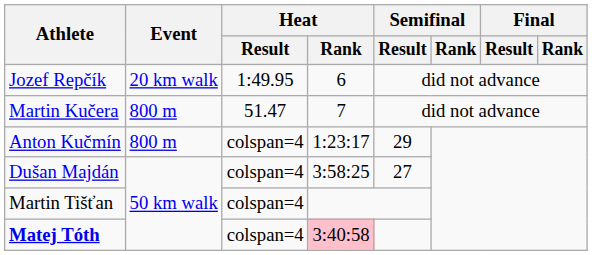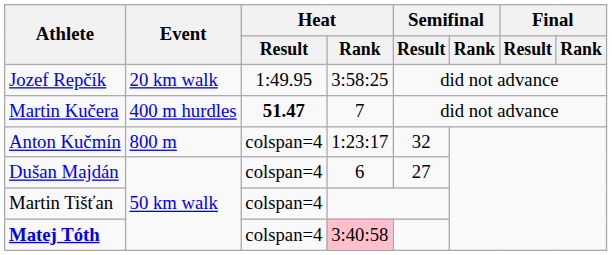 <table class="wikitable" style="font-size:90%">
 <tr>
 <th rowspan="2">Athlete</th>
 <th rowspan="2">Event</th>
 <th colspan="2">Heat</th>
 <th colspan="2">Semifinal</th>
 <th colspan="2">Final</th>
 </tr>
 <tr style="font-size:95%">
 <th>Result</th>
 <th>Rank</th>
 <th>Result</th>
 <th>Rank</th>
 <th>Result</th>
 <th>Rank</th>
 </tr>
 <tr align=center>
 <td align=left><a href='#'>Jozef Repčík</a></td>
 <td align=left><a href='#'>20 km walk</a></td>
 <td>1:49.95</td>
-<td>6</td>
+<td>3:58:25</td>
 <td colspan=4>did not advance</td>
 </tr>
 <tr align=center>
 <td align=left><a href='#'>Martin Kučera</a></td>
-<td align=left><a href='#'>800 m</a></td>
-<td>51.47</td>
+<td align=left><a href='#'>400 m hurdles</a></td>
+<td><strong>51.47</strong></td>
 <td>7</td>
 <td colspan=4>did not advance</td>
 </tr>
 <tr align=center>
 <td align=left><a href='#'>Anton Kučmín</a></td>
 <td align=left><a href='#'>800 m</a></td>
 <td>colspan=4 </td>
 <td>1:23:17</td>
-<td>29</td>
+<td>32</td>
 </tr>
 <tr align=center>
 <td align=left><a href='#'>Dušan Majdán</a></td>
 <td align=left rowspan=3><a href='#'>50 km walk</a></td>
 <td>colspan=4 </td>
-<td>3:58:25</td>
+<td>6</td>
 <td>27</td>
 </tr>
 <tr align=center>
 <td align=left>Martin Tišťan</td>
 <td>colspan=4 </td>
 <td colspan=2></td>
 </tr>
 <tr align=center>
 <td align=left><strong><a href='#'>Matej Tóth</a></strong></td>
 <td>colspan=4 </td>
 <td style="background: pink;">3:40:58</td>
 <td></td>
 </tr>
 </table>
